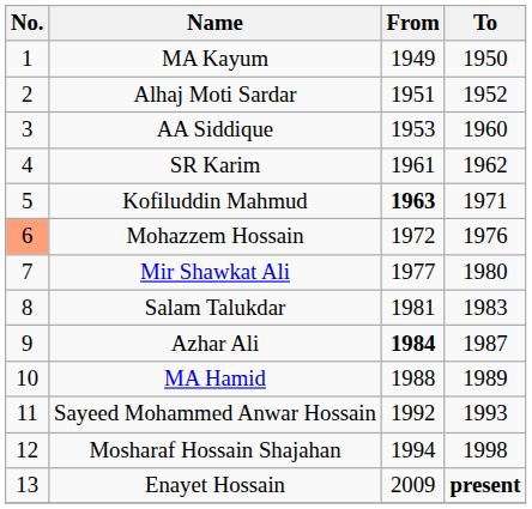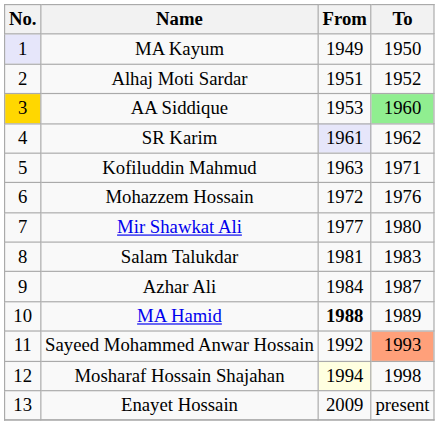 <table class="wikitable sortable">
 <tr>
 <th scope="col">No.</th>
 <th scope="col">Name</th>
 <th scope="col">From</th>
 <th scope="col">To</th>
 </tr>
 <tr>
-<td style="text-align:center">1</td>
+<td style="background: lavender; text-align:center">1</td>
 <td style="text-align:center">MA Kayum</td>
 <td style="text-align:center">1949</td>
 <td style="text-align:center">1950</td>
 </tr>
 <tr>
 <td style="text-align:center">2</td>
 <td style="text-align:center">Alhaj Moti Sardar</td>
 <td style="text-align:center">1951</td>
 <td style="text-align:center">1952</td>
 </tr>
 <tr>
-<td style="text-align:center">3</td>
+<td style="background: gold; text-align:center">3</td>
 <td style="text-align:center">AA Siddique</td>
 <td style="text-align:center">1953</td>
-<td style="text-align:center">1960</td>
+<td style="background: lightgreen; text-align:center">1960</td>
 </tr>
 <tr>
 <td style="text-align:center">4</td>
 <td style="text-align:center">SR Karim</td>
-<td style="text-align:center">1961</td>
+<td style="background: lavender; text-align:center">1961</td>
 <td style="text-align:center">1962</td>
 </tr>
 <tr>
 <td style="text-align:center">5</td>
 <td style="text-align:center">Kofiluddin Mahmud</td>
-<td style="text-align:center"><strong>1963</strong></td>
+<td style="text-align:center">1963</td>
 <td style="text-align:center">1971</td>
 </tr>
 <tr>
-<td style="background: lightsalmon; text-align:center">6</td>
+<td style="text-align:center">6</td>
 <td style="text-align:center">Mohazzem Hossain</td>
 <td style="text-align:center">1972</td>
 <td style="text-align:center">1976</td>
 </tr>
 <tr>
 <td style="text-align:center">7</td>
 <td style="text-align:center"><a href='#'>Mir Shawkat Ali</a></td>
 <td style="text-align:center">1977</td>
 <td style="text-align:center">1980</td>
 </tr>
 <tr>
 <td style="text-align:center">8</td>
 <td style="text-align:center">Salam Talukdar</td>
 <td style="text-align:center">1981</td>
 <td style="text-align:center">1983</td>
 </tr>
 <tr>
 <td style="text-align:center">9</td>
 <td style="text-align:center">Azhar Ali</td>
-<td style="text-align:center"><strong>1984</strong></td>
+<td style="text-align:center">1984</td>
 <td style="text-align:center">1987</td>
 </tr>
 <tr>
 <td style="text-align:center">10</td>
 <td style="text-align:center"><a href='#'>MA Hamid</a></td>
-<td style="text-align:center">1988</td>
+<td style="text-align:center"><strong>1988</strong></td>
 <td style="text-align:center">1989</td>
 </tr>
 <tr>
 <td style="text-align:center">11</td>
 <td style="text-align:center">Sayeed Mohammed Anwar Hossain</td>
 <td style="text-align:center">1992</td>
-<td style="text-align:center">1993</td>
+<td style="background: lightsalmon; text-align:center">1993</td>
 </tr>
 <tr>
 <td style="text-align:center">12</td>
 <td style="text-align:center">Mosharaf Hossain Shajahan</td>
-<td style="text-align:center">1994</td>
+<td style="background: lightyellow; text-align:center">1994</td>
 <td style="text-align:center">1998</td>
 </tr>
 <tr>
 <td style="text-align:center">13</td>
 <td style="text-align:center">Enayet Hossain</td>
 <td style="text-align:center">2009</td>
-<td style="text-align:center"><strong>present</strong></td>
+<td style="text-align:center">present</td>
 </tr>
 <tr>
 </tr>
 </table>
